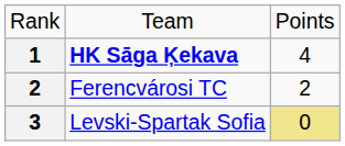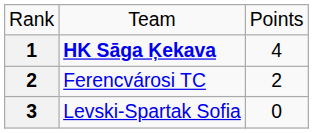 <table class="wikitable" style="text-align: center;">
 <tr>
 <td>Rank</td>
 <td>Team</td>
 <td>Points</td>
 </tr>
 <tr>
 <th>1</th>
 <td style="text-align: left;"> <strong><a href='#'>HK Sāga Ķekava</a></strong></td>
 <td>4</td>
 </tr>
 <tr>
 <th>2</th>
 <td style="text-align: left;"> <a href='#'>Ferencvárosi TC</a></td>
 <td>2</td>
 </tr>
 <tr>
 <th>3</th>
 <td style="text-align: left;"> <a href='#'>Levski-Spartak Sofia</a></td>
-<td style="background: khaki;">0</td>
+<td>0</td>
 </tr>
 </table>
